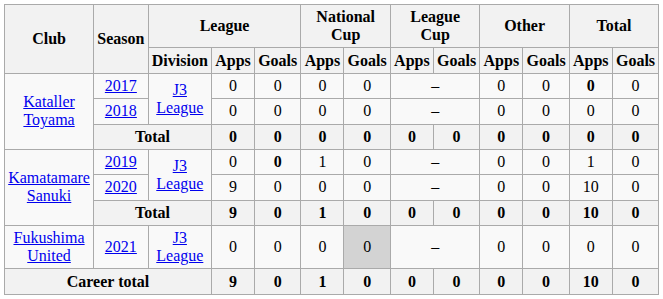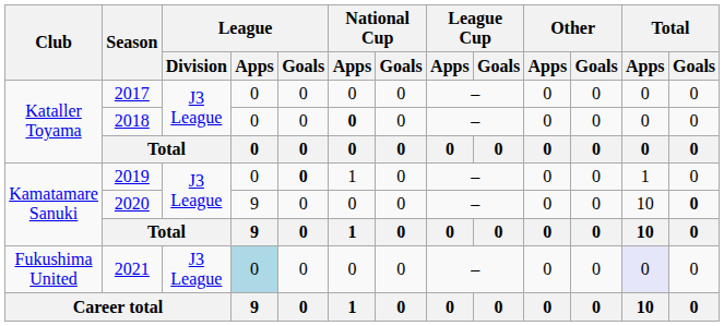 <table class="wikitable" style="text-align: center">
 <tr>
 <th rowspan="2">Club</th>
 <th rowspan="2">Season</th>
 <th colspan="3">League</th>
 <th colspan="2">National Cup</th>
 <th colspan="2">League Cup</th>
 <th colspan="2">Other</th>
 <th colspan="2">Total</th>
 </tr>
 <tr>
 <th>Division</th>
 <th>Apps</th>
 <th>Goals</th>
 <th>Apps</th>
 <th>Goals</th>
 <th>Apps</th>
 <th>Goals</th>
 <th>Apps</th>
 <th>Goals</th>
 <th>Apps</th>
 <th>Goals</th>
 </tr>
 <tr>
 <td rowspan="3"><a href='#'>Kataller Toyama</a></td>
 <td><a href='#'>2017</a></td>
 <td rowspan="2"><a href='#'>J3 League</a></td>
 <td>0</td>
 <td>0</td>
 <td>0</td>
 <td>0</td>
 <td colspan="2">–</td>
 <td>0</td>
 <td>0</td>
-<td><strong>0</strong></td>
+<td>0</td>
 <td>0</td>
 </tr>
 <tr>
 <td><a href='#'>2018</a></td>
 <td>0</td>
 <td>0</td>
-<td>0</td>
+<td><strong>0</strong></td>
 <td>0</td>
 <td colspan="2">–</td>
 <td>0</td>
 <td>0</td>
 <td>0</td>
 <td>0</td>
 </tr>
 <tr>
 <th colspan=2>Total</th>
 <th>0</th>
 <th>0</th>
 <th>0</th>
 <th>0</th>
 <th>0</th>
 <th>0</th>
 <th>0</th>
 <th>0</th>
 <th>0</th>
 <th>0</th>
 </tr>
 <tr>
 <td rowspan="3"><a href='#'>Kamatamare Sanuki</a></td>
 <td><a href='#'>2019</a></td>
 <td rowspan="2"><a href='#'>J3 League</a></td>
 <td>0</td>
 <td><strong>0</strong></td>
 <td>1</td>
 <td>0</td>
 <td colspan="2">–</td>
 <td>0</td>
 <td>0</td>
 <td>1</td>
 <td>0</td>
 </tr>
 <tr>
 <td><a href='#'>2020</a></td>
 <td>9</td>
 <td>0</td>
 <td>0</td>
 <td>0</td>
 <td colspan="2">–</td>
 <td>0</td>
 <td>0</td>
 <td>10</td>
-<td>0</td>
+<td><strong>0</strong></td>
 </tr>
 <tr>
 <th colspan=2>Total</th>
 <th>9</th>
 <th>0</th>
 <th>1</th>
 <th>0</th>
 <th>0</th>
 <th>0</th>
 <th>0</th>
 <th>0</th>
 <th>10</th>
 <th>0</th>
 </tr>
 <tr>
 <td><a href='#'>Fukushima United</a></td>
 <td><a href='#'>2021</a></td>
 <td><a href='#'>J3 League</a></td>
+<td style="background: lightblue;">0</td>
 <td>0</td>
 <td>0</td>
 <td>0</td>
-<td style="background: lightgrey;">0</td>
 <td colspan="2">–</td>
 <td>0</td>
 <td>0</td>
-<td>0</td>
+<td style="background: lavender;">0</td>
 <td>0</td>
 </tr>
 <tr>
 <th colspan=3>Career total</th>
 <th>9</th>
 <th>0</th>
 <th>1</th>
 <th>0</th>
 <th>0</th>
 <th>0</th>
 <th>0</th>
 <th>0</th>
 <th>10</th>
 <th>0</th>
 </tr>
 </table>
